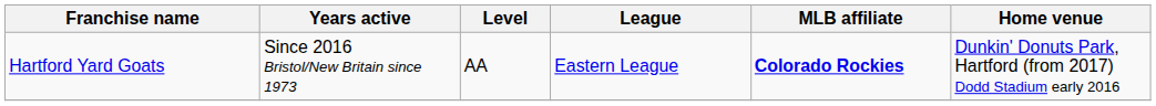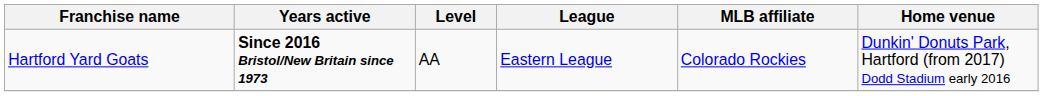 <table class="wikitable">
 <tr>
 <th style="width:225px;"><strong>Franchise name</strong></th>
 <th style="width:175px;"><strong>Years active</strong></th>
 <th style="width:75px;"><strong>Level</strong></th>
 <th style="width:175px;"><strong>League</strong></th>
 <th style="width:175px;"><strong>MLB affiliate</strong></th>
 <th style="width:175px;"><strong>Home venue</strong></th>
 </tr>
 <tr>
 <td><a href='#'>Hartford Yard Goats</a></td>
-<td>Since 2016<br><small><em>Bristol/New Britain since 1973</em></small></td>
+<td><strong>Since 2016<br><small><em>Bristol/New Britain since 1973</em></small></strong></td>
 <td>AA</td>
 <td><a href='#'>Eastern League</a></td>
-<td><strong><a href='#'>Colorado Rockies</a></strong></td>
+<td><a href='#'>Colorado Rockies</a></td>
 <td><a href='#'>Dunkin' Donuts Park</a>, Hartford (from 2017)<br><small><a href='#'>Dodd Stadium</a> early 2016</small></td>
 </tr>
 <tr>
 </tr>
 </table>
